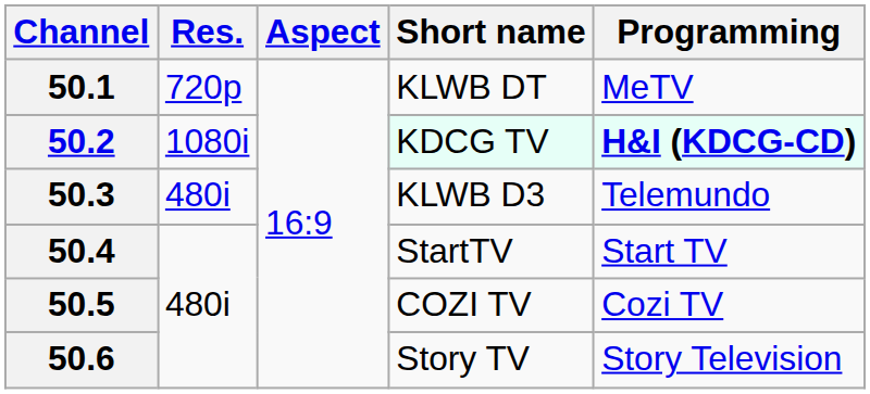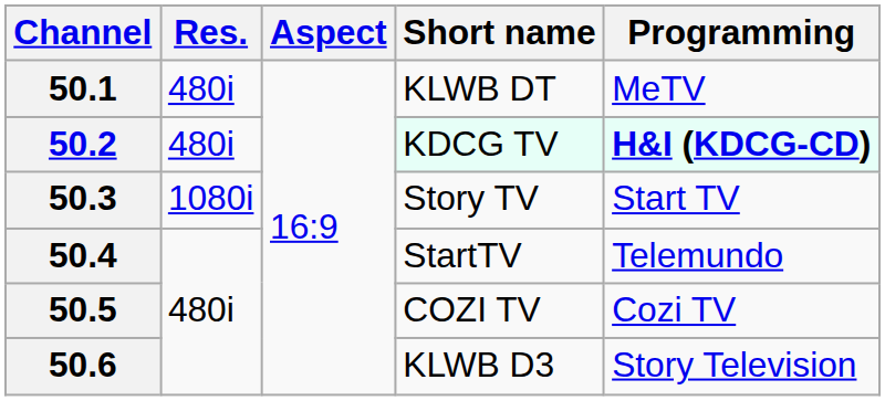 <table class="wikitable">
 <tr>
 <th scope = "col"><a href='#'>Channel</a></th>
 <th scope = "col"><a href='#'>Res.</a></th>
 <th scope = "col"><a href='#'>Aspect</a></th>
 <th scope = "col">Short name</th>
 <th scope = "col">Programming</th>
 </tr>
 <tr>
 <th scope = "row">50.1</th>
-<td><a href='#'>720p</a></td>
+<td><a href='#'>480i</a></td>
 <td rowspan=6><a href='#'>16:9</a></td>
 <td>KLWB DT</td>
 <td><a href='#'>MeTV</a></td>
 </tr>
 <tr>
 <th scope = "row"><a href='#'>50.2</a></th>
-<td><a href='#'>1080i</a></td>
+<td><a href='#'>480i</a></td>
 <td style="background-color: #E6FFF7;">KDCG TV</td>
 <td style="background-color: #E6FFF7;"><strong><a href='#'>H&I</a> (<a href='#'>KDCG-CD</a>)</strong></td>
 </tr>
 <tr>
 <th scope = "row">50.3</th>
-<td><a href='#'>480i</a></td>
-<td>KLWB D3</td>
-<td><a href='#'>Telemundo</a></td>
+<td><a href='#'>1080i</a></td>
+<td>Story TV</td>
+<td><a href='#'>Start TV</a></td>
 </tr>
 <tr>
 <th scope = "row">50.4</th>
 <td rowspan=3>480i</td>
 <td>StartTV</td>
-<td><a href='#'>Start TV</a></td>
+<td><a href='#'>Telemundo</a></td>
 </tr>
 <tr>
 <th scope = "row">50.5</th>
 <td>COZI TV</td>
 <td><a href='#'>Cozi TV</a></td>
 </tr>
 <tr>
 <th scope="row'">50.6</th>
-<td>Story TV</td>
+<td>KLWB D3</td>
 <td><a href='#'>Story Television</a></td>
 </tr>
 </table>
